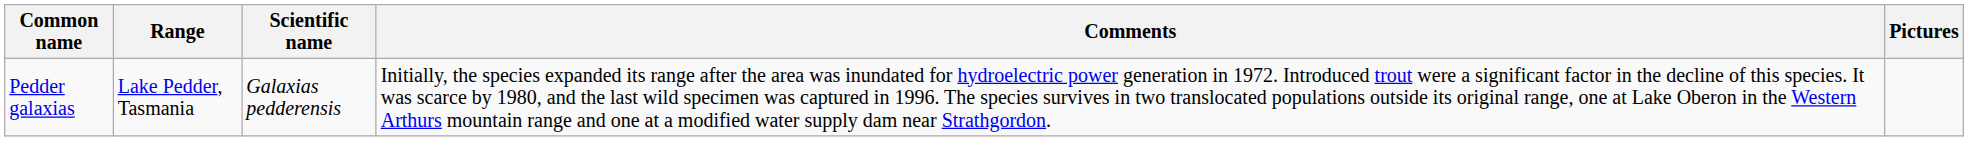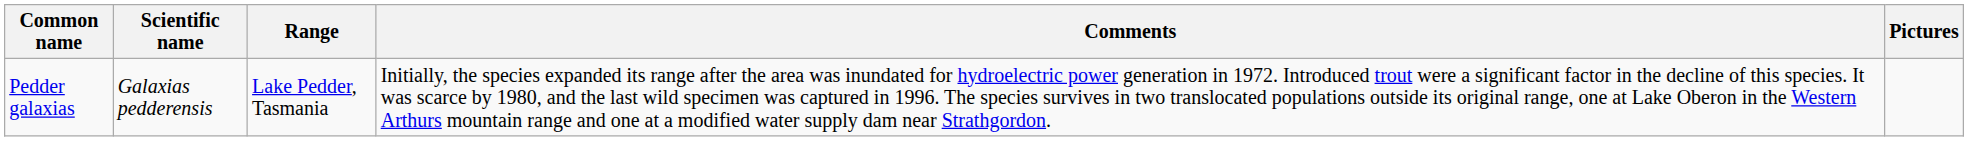 <table class="wikitable">
 <tr>
 <th>Common name</th>
+<th>Scientific name</th>
 <th>Range</th>
-<th>Scientific name</th>
 <th class="unsortable">Comments</th>
 <th class="unsortable">Pictures</th>
 </tr>
 <tr>
 <td><a href='#'>Pedder galaxias</a></td>
+<td><em>Galaxias pedderensis</em></td>
 <td><a href='#'>Lake Pedder</a>, Tasmania</td>
-<td><em>Galaxias pedderensis</em></td>
 <td>Initially, the species expanded its range after the area was inundated for <a href='#'>hydroelectric power</a> generation in 1972. Introduced <a href='#'>trout</a> were a significant factor in the decline of this species. It was scarce by 1980, and the last wild specimen was captured in 1996. The species survives in two translocated populations outside its original range, one at Lake Oberon in the <a href='#'>Western Arthurs</a> mountain range and one at a modified water supply dam near <a href='#'>Strathgordon</a>.</td>
 <td></td>
 </tr>
 </table>
